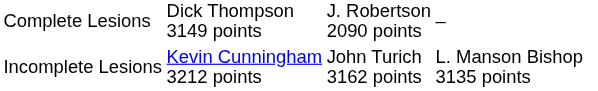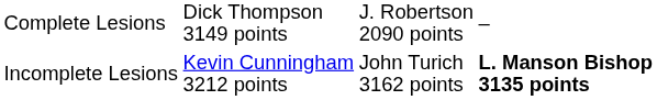 <table>
 <tr>
 <td>Complete Lesions</td>
 <td>Dick Thompson  <br> 3149 points</td>
 <td>J. Robertson  <br> 2090 points</td>
 <td>–</td>
 </tr>
 <tr>
 <td>Incomplete Lesions</td>
 <td><a href='#'>Kevin Cunningham</a> <br> 3212 points</td>
 <td>John Turich  <br> 3162 points</td>
-<td>L. Manson Bishop  <br> 3135 points</td>
+<td><strong>L. Manson Bishop  <br> 3135 points</strong></td>
 </tr>
 </table>
